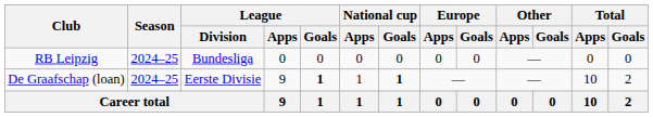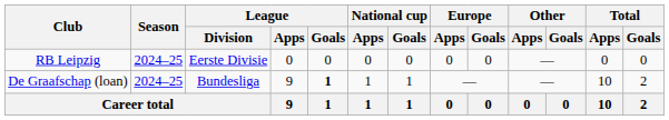 <table class=wikitable style=text-align:center>
 <tr>
 <th rowspan="2">Club</th>
 <th rowspan="2">Season</th>
 <th colspan="3">League</th>
 <th colspan="2">National cup</th>
 <th colspan="2">Europe</th>
 <th colspan="2">Other</th>
 <th colspan="2">Total</th>
 </tr>
 <tr>
 <th>Division</th>
 <th>Apps</th>
 <th>Goals</th>
 <th>Apps</th>
 <th>Goals</th>
 <th>Apps</th>
 <th>Goals</th>
 <th>Apps</th>
 <th>Goals</th>
 <th>Apps</th>
 <th>Goals</th>
 </tr>
 <tr>
 <td rowspan="1"><a href='#'>RB Leipzig</a></td>
 <td><a href='#'>2024–25</a></td>
-<td><a href='#'>Bundesliga</a></td>
+<td><a href='#'>Eerste Divisie</a></td>
 <td>0</td>
 <td>0</td>
 <td>0</td>
 <td>0</td>
 <td>0</td>
 <td>0</td>
 <td colspan="2">—</td>
 <td>0</td>
 <td>0</td>
 </tr>
 <tr>
 <td rowspan="1"><a href='#'>De Graafschap</a> (loan)</td>
 <td><a href='#'>2024–25</a></td>
-<td><a href='#'>Eerste Divisie</a></td>
+<td><a href='#'>Bundesliga</a></td>
 <td>9</td>
 <td><strong>1</strong></td>
 <td>1</td>
-<td><strong>1</strong></td>
+<td>1</td>
 <td colspan="2">—</td>
 <td colspan="2">—</td>
 <td>10</td>
 <td>2</td>
 </tr>
 <tr>
 <th colspan="3">Career total</th>
 <th>9</th>
 <th>1</th>
 <th>1</th>
 <th>1</th>
 <th>0</th>
 <th>0</th>
 <th>0</th>
 <th>0</th>
 <th>10</th>
 <th>2</th>
 </tr>
 </table>
